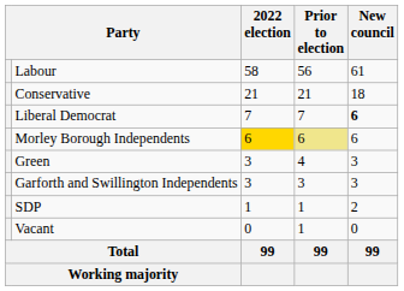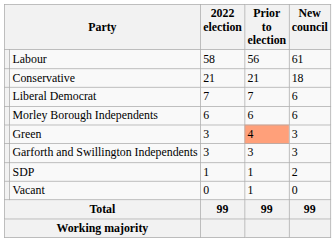 <table class="wikitable">
 <tr>
 <th colspan="2" style="width:230px;">Party</th>
 <th style="vertical-align:top; width:30px;">2022 election</th>
 <th style="vertical-align:top; width:30px;">Prior to election</th>
 <th style="vertical-align:top; width:30px;">New council</th>
 </tr>
 <tr>
 <th style="background-color: "></th>
 <td>Labour</td>
 <td>58</td>
 <td>56</td>
 <td>61</td>
 </tr>
 <tr>
 <th style="background-color: "></th>
 <td>Conservative</td>
 <td>21</td>
 <td>21</td>
 <td>18</td>
 </tr>
 <tr>
 <th style="background-color: "></th>
 <td>Liberal Democrat</td>
 <td>7</td>
 <td>7</td>
-<td><strong>6</strong></td>
+<td>6</td>
 </tr>
 <tr>
 <th style="background-color: "></th>
 <td>Morley Borough Independents</td>
-<td style="background: gold;">6</td>
-<td style="background: khaki;">6</td>
+<td>6</td>
+<td>6</td>
 <td>6</td>
 </tr>
 <tr>
 <th style="background-color: "></th>
 <td>Green</td>
 <td>3</td>
-<td>4</td>
+<td style="background: lightsalmon;">4</td>
 <td>3</td>
 </tr>
 <tr>
 <th style="background-color: "></th>
 <td>Garforth and Swillington Independents</td>
 <td>3</td>
 <td>3</td>
 <td>3</td>
 </tr>
 <tr>
 <th style="background-color: "></th>
 <td>SDP</td>
 <td>1</td>
 <td>1</td>
 <td>2</td>
 </tr>
 <tr>
 <th style="background-color: "></th>
 <td>Vacant</td>
 <td>0</td>
 <td>1</td>
 <td>0</td>
 </tr>
 <tr>
 <th colspan=2>Total</th>
 <th style="text-align: center">99</th>
 <th>99</th>
 <th>99</th>
 </tr>
 <tr>
 <th colspan=2>Working majority</th>
 <th></th>
 <th></th>
 <th></th>
 </tr>
 </table>
